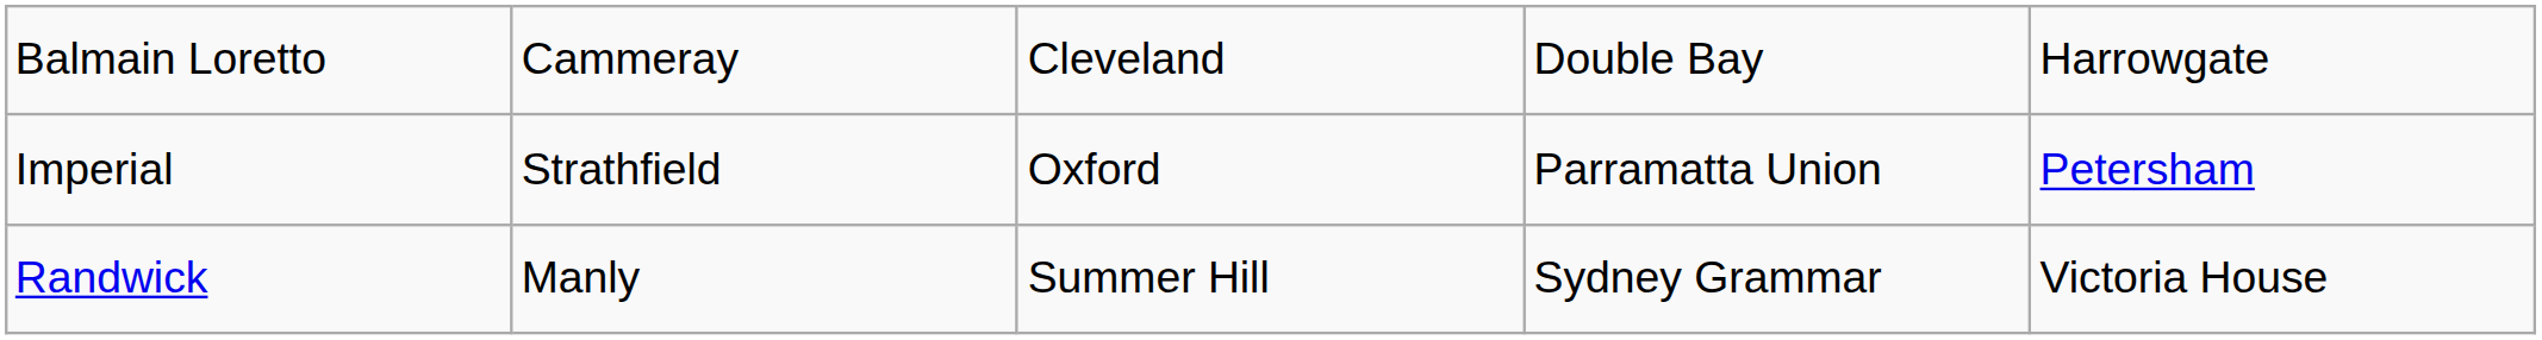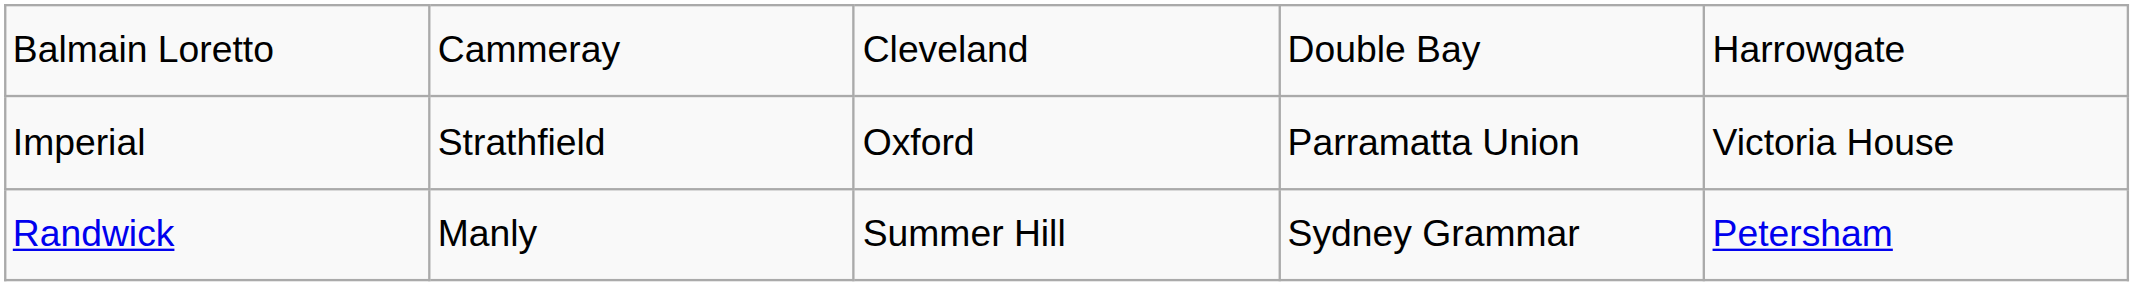 <table class="wikitable" style="margin:auto; text-valign:center; text-align:left;">
 <tr style="line-height:200%">
 <td width="175">Balmain Loretto</td>
 <td width="175">Cammeray</td>
 <td width="175">Cleveland</td>
 <td width="175">Double Bay</td>
 <td width="175">Harrowgate</td>
 </tr>
 <tr style="line-height:200%">
 <td>Imperial</td>
 <td> Strathfield</td>
 <td>Oxford</td>
 <td>Parramatta Union</td>
-<td> <a href='#'>Petersham</a></td>
+<td>Victoria House</td>
 </tr>
 <tr style="line-height:200%">
 <td> <a href='#'>Randwick</a></td>
 <td>Manly</td>
 <td>Summer Hill</td>
 <td>Sydney Grammar</td>
-<td>Victoria House</td>
+<td> <a href='#'>Petersham</a></td>
 </tr>
 </table>
